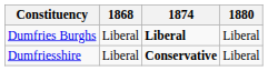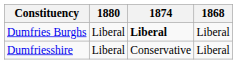 <table class="wikitable">
 <tr>
 <th>Constituency</th>
+<th>1880</th>
+<th>1874</th>
 <th>1868</th>
-<th>1874</th>
-<th>1880</th>
 </tr>
 <tr>
 <td><a href='#'>Dumfries Burghs</a></td>
 <td>Liberal</td>
 <td><strong>Liberal</strong></td>
 <td>Liberal</td>
 </tr>
 <tr>
 <td><a href='#'>Dumfriesshire</a></td>
 <td>Liberal</td>
-<td><strong>Conservative</strong></td>
+<td>Conservative</td>
 <td>Liberal</td>
 </tr>
 </table>
